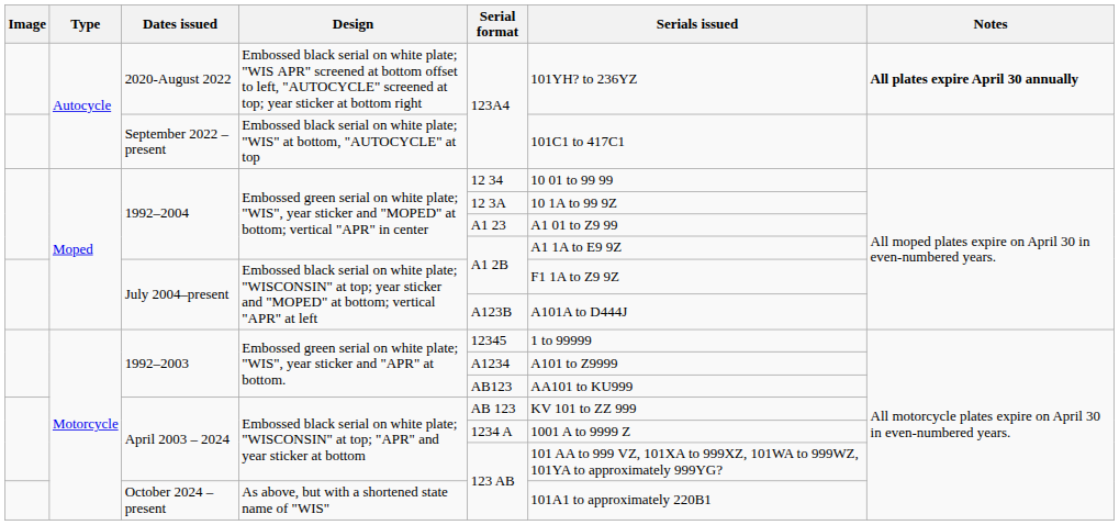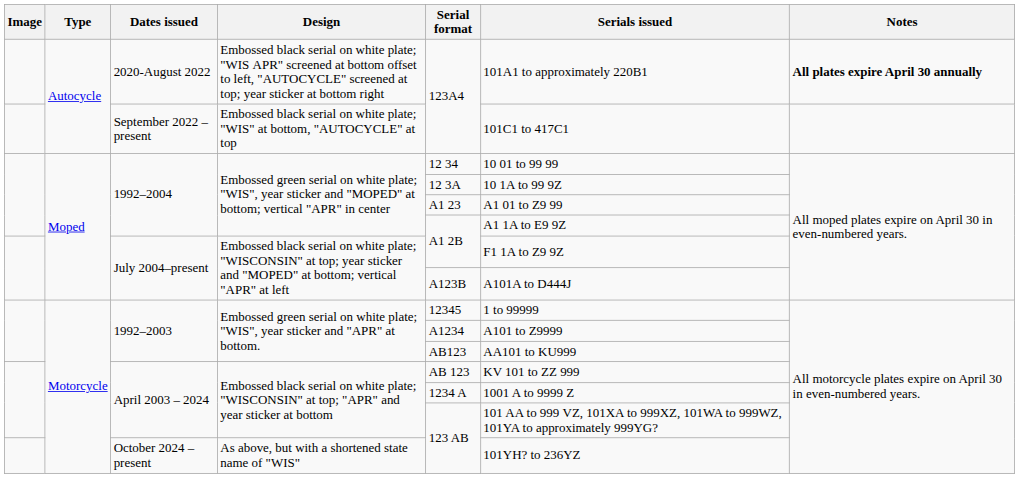 <table class="wikitable">
 <tr>
 <th>Image</th>
 <th>Type</th>
 <th>Dates issued</th>
 <th style="width:250px;">Design</th>
 <th style="width:60px;">Serial format</th>
 <th>Serials issued</th>
 <th>Notes</th>
 </tr>
 <tr>
 <td></td>
 <td rowspan="2"><a href='#'>Autocycle</a></td>
 <td>2020-August 2022</td>
 <td>Embossed black serial on white plate; "WIS APR" screened at bottom offset to left, "AUTOCYCLE" screened at top; year sticker at bottom right</td>
 <td rowspan="2">123A4</td>
-<td>101YH? to 236YZ </td>
+<td>101A1 to approximately 220B1</td>
 <td><strong>All plates expire April 30 annually</strong></td>
 </tr>
 <tr>
 <td></td>
 <td>September 2022 – present</td>
 <td>Embossed black serial on white plate; "WIS" at bottom, "AUTOCYCLE" at top</td>
 <td>101C1 to 417C1 </td>
 <td></td>
 </tr>
 <tr>
 <td rowspan="4"></td>
 <td rowspan="6"><a href='#'>Moped</a></td>
 <td rowspan="4">1992–2004</td>
 <td rowspan="4">Embossed green serial on white plate; "WIS", year sticker and "MOPED" at bottom; vertical "APR" in center</td>
 <td>12 34</td>
 <td>10 01 to 99 99</td>
 <td rowspan="6">All moped plates expire on April 30 in even-numbered years.</td>
 </tr>
 <tr>
 <td>12 3A</td>
 <td>10 1A to 99 9Z</td>
 </tr>
 <tr>
 <td>A1 23</td>
 <td>A1 01 to Z9 99</td>
 </tr>
 <tr>
 <td rowspan="2">A1 2B</td>
 <td>A1 1A to E9 9Z</td>
 </tr>
 <tr>
 <td rowspan="2"></td>
 <td rowspan="2">July 2004–present</td>
 <td rowspan="2">Embossed black serial on white plate; "WISCONSIN" at top; year sticker and "MOPED" at bottom; vertical "APR" at left</td>
 <td>F1 1A to Z9 9Z</td>
 </tr>
 <tr>
 <td>A123B</td>
 <td>A101A to D444J </td>
 </tr>
 <tr>
 <td rowspan="3"></td>
 <td rowspan="7"><a href='#'>Motorcycle</a></td>
 <td rowspan="3">1992–2003</td>
 <td rowspan="3">Embossed green serial on white plate; "WIS", year sticker and "APR" at bottom.</td>
 <td>12345</td>
 <td>1 to 99999</td>
 <td rowspan="7">All motorcycle plates expire on April 30 in even-numbered years.</td>
 </tr>
 <tr>
 <td>A1234</td>
 <td>A101 to Z9999</td>
 </tr>
 <tr>
 <td>AB123</td>
 <td>AA101 to KU999</td>
 </tr>
 <tr>
 <td rowspan="3"></td>
 <td rowspan="3">April 2003 – 2024</td>
 <td rowspan="3">Embossed black serial on white plate; "WISCONSIN" at top; "APR" and year sticker at bottom</td>
 <td>AB 123</td>
 <td>KV 101 to ZZ 999</td>
 </tr>
 <tr>
 <td>1234 A</td>
 <td>1001 A to 9999 Z</td>
 </tr>
 <tr>
 <td rowspan="2">123 AB</td>
 <td>101 AA to 999 VZ, 101XA to 999XZ, 101WA to 999WZ, 101YA to approximately 999YG?</td>
 </tr>
 <tr>
 <td></td>
 <td>October 2024 – present</td>
 <td>As above, but with a shortened state name of "WIS"</td>
-<td>101A1 to approximately 220B1</td>
+<td>101YH? to 236YZ </td>
 </tr>
 </table>
